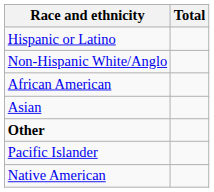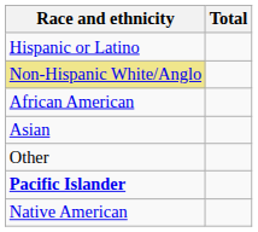 <table class="wikitable floatright sortable collapsible"; text-align:right; font-size:80%;">
 <tr>
 <th>Race and ethnicity</th>
 <th colspan="2" data-sort-type=number>Total</th>
 </tr>
 <tr>
 <td><a href='#'>Hispanic or Latino</a></td>
 <td align=right></td>
 </tr>
 <tr>
-<td><a href='#'>Non-Hispanic White/Anglo</a></td>
+<td style="background: khaki;"><a href='#'>Non-Hispanic White/Anglo</a></td>
 <td align=right></td>
 </tr>
 <tr>
 <td><a href='#'>African American</a></td>
 <td align=right></td>
 </tr>
 <tr>
 <td><a href='#'>Asian</a></td>
 <td align=right></td>
 </tr>
 <tr>
-<td><strong>Other</strong></td>
+<td>Other</td>
 <td align=right></td>
 </tr>
 <tr>
-<td><a href='#'>Pacific Islander</a></td>
+<td><strong><a href='#'>Pacific Islander</a></strong></td>
 <td align=right></td>
 </tr>
 <tr>
 <td><a href='#'>Native American</a></td>
 <td align=right></td>
 </tr>
 </table>
